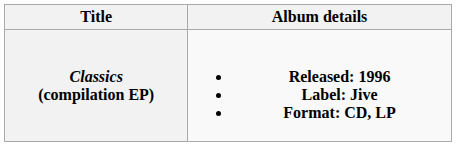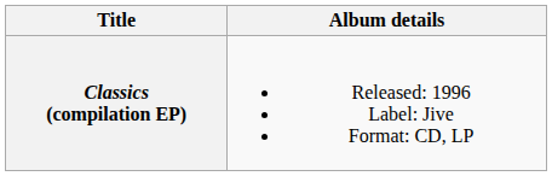 <table class="wikitable plainrowheaders" style="text-align:center;">
 <tr>
 <th scope="col" rowspan="1" style="width:11em;">Title</th>
 <th scope="col" rowspan="1" style="width:16em;">Album details</th>
 </tr>
 <tr>
 <th scope="row"><em>Classics</em><br><span>(compilation EP)</span></th>
-<td><strong><br><ul><li>Released: 1996</li><li>Label: Jive</li><li>Format: CD, LP</li></ul></strong></td>
+<td><br><ul><li>Released: 1996</li><li>Label: Jive</li><li>Format: CD, LP</li></ul></td>
 </tr>
 </table>
